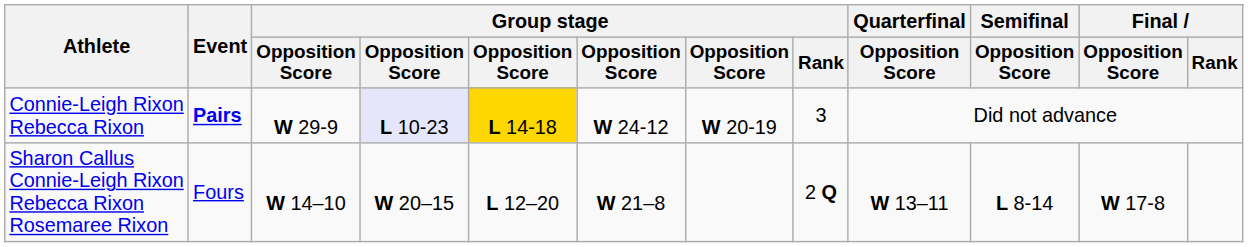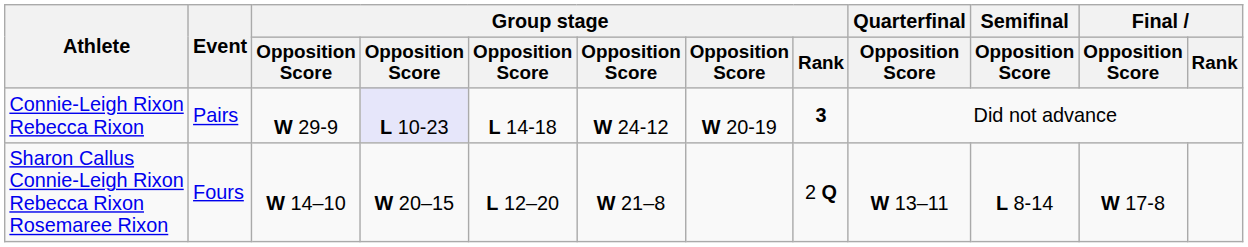 <table class="wikitable" style="font-size:88%">
 <tr>
 <th rowspan=2>Athlete</th>
 <th rowspan=2>Event</th>
 <th colspan=6>Group stage</th>
 <th>Quarterfinal</th>
 <th>Semifinal</th>
 <th colspan=2>Final / </th>
 </tr>
 <tr style="font-size:95%">
 <th>Opposition<br>Score</th>
 <th>Opposition<br>Score</th>
 <th>Opposition<br>Score</th>
 <th>Opposition<br>Score</th>
 <th>Opposition<br>Score</th>
 <th>Rank</th>
 <th>Opposition<br>Score</th>
 <th>Opposition<br>Score</th>
 <th>Opposition<br>Score</th>
 <th>Rank</th>
 </tr>
 <tr align=center>
 <td align=left><a href='#'>Connie-Leigh Rixon</a><br><a href='#'>Rebecca Rixon</a></td>
-<td align=left><strong><a href='#'>Pairs</a></strong></td>
+<td align=left><a href='#'>Pairs</a></td>
 <td><br><strong>W</strong> 29-9</td>
 <td style="background: lavender;"><br><strong>L</strong> 10-23</td>
-<td style="background: gold;"><br><strong>L</strong> 14-18</td>
+<td><br><strong>L</strong> 14-18</td>
 <td><br><strong>W</strong> 24-12</td>
 <td><br><strong>W</strong> 20-19</td>
-<td>3</td>
+<td><strong>3</strong></td>
 <td colspan=4>Did not advance</td>
 </tr>
 <tr align=center>
 <td align=left><a href='#'>Sharon Callus</a><br><a href='#'>Connie-Leigh Rixon</a><br><a href='#'>Rebecca Rixon</a><br><a href='#'>Rosemaree Rixon</a></td>
 <td align=left><a href='#'>Fours</a></td>
 <td><br><strong>W</strong> 14–10</td>
 <td><br><strong>W</strong> 20–15</td>
 <td><br><strong>L</strong> 12–20</td>
 <td><br><strong>W</strong> 21–8</td>
 <td></td>
 <td>2 <strong>Q</strong></td>
 <td><br><strong>W</strong> 13–11</td>
 <td><br><strong>L</strong> 8-14</td>
 <td><br><strong>W</strong> 17-8</td>
 <td></td>
 </tr>
 </table>
